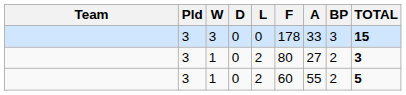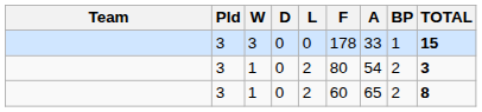 <table class="wikitable">
 <tr border=1 cellpadding=5 cellspacing=0>
 <th width="200">Team</th>
 <th width="20">Pld</th>
 <th width="20">W</th>
 <th width="20">D</th>
 <th width="20">L</th>
 <th width="20">F</th>
 <th width="20">A</th>
 <th width="20">BP</th>
 <th width="20">TOTAL</th>
 </tr>
 <tr style="background: #D0E6FF;">
 <td align=left></td>
 <td>3</td>
 <td>3</td>
 <td>0</td>
 <td>0</td>
 <td>178</td>
 <td>33</td>
-<td>3</td>
+<td>1</td>
 <td><strong>15</strong></td>
 </tr>
 <tr>
 <td align=left></td>
 <td>3</td>
 <td>1</td>
 <td>0</td>
 <td>2</td>
 <td>80</td>
-<td>27</td>
+<td>54</td>
 <td>2</td>
 <td><strong>3</strong></td>
 </tr>
 <tr>
 <td align=left></td>
 <td>3</td>
 <td>1</td>
 <td>0</td>
 <td>2</td>
 <td>60</td>
-<td>55</td>
+<td>65</td>
 <td>2</td>
-<td><strong>5</strong></td>
+<td><strong>8</strong></td>
 </tr>
 </table>
